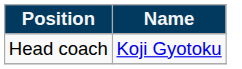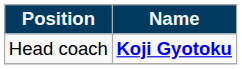 <table class="wikitable">
 <tr>
 <th style="background: #013A5E; color: #F4F5F8;">Position</th>
 <th style="background: #013A5E; color: #F4F5F8;">Name</th>
 </tr>
 <tr>
 <td>Head coach</td>
-<td> <a href='#'>Koji Gyotoku</a></td>
+<td><strong> <a href='#'>Koji Gyotoku</a></strong></td>
 </tr>
 <tr>
 </tr>
 </table>
